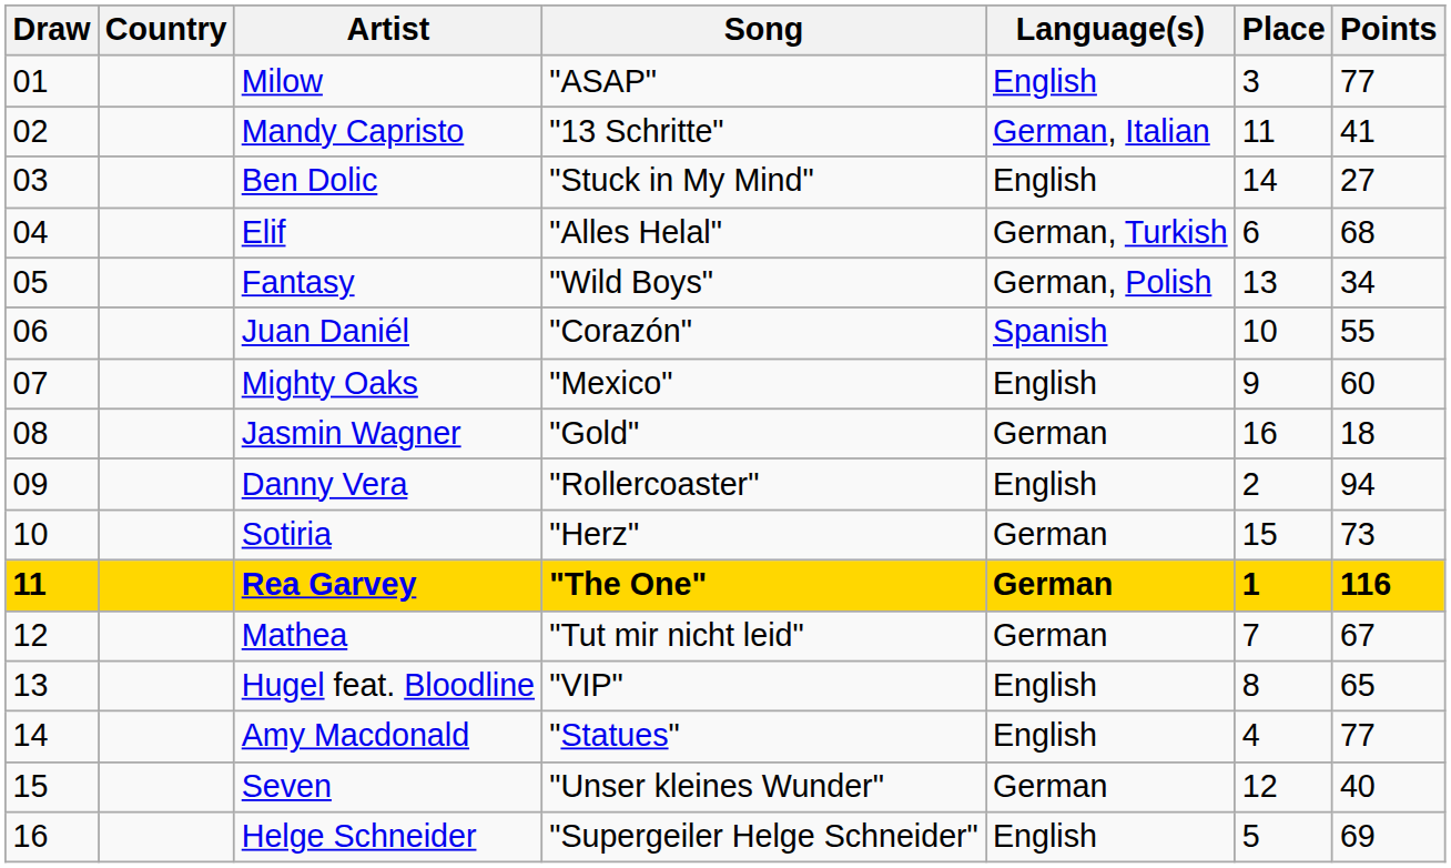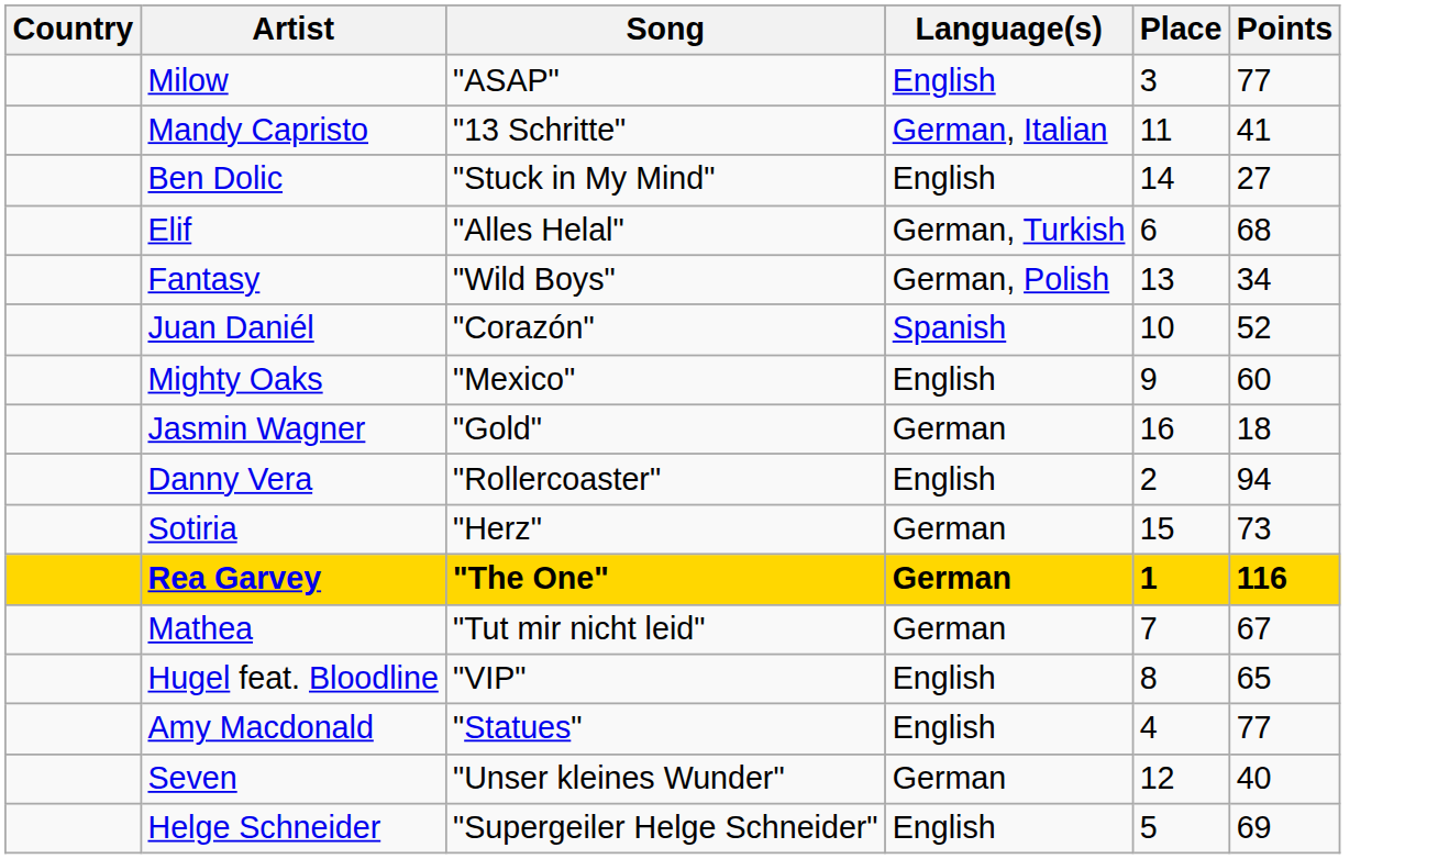 <table class="wikitable sortable">
 <tr>
-<th>Draw</th>
 <th>Country</th>
 <th>Artist</th>
 <th>Song</th>
 <th>Language(s)</th>
 <th>Place</th>
 <th>Points</th>
 </tr>
 <tr>
-<td>01</td>
 <td></td>
 <td><a href='#'>Milow</a></td>
 <td>"ASAP"</td>
 <td><a href='#'>English</a></td>
 <td>3</td>
 <td>77</td>
 </tr>
 <tr>
-<td>02</td>
 <td></td>
 <td><a href='#'>Mandy Capristo</a></td>
 <td>"13 Schritte"</td>
 <td><a href='#'>German</a>, <a href='#'>Italian</a></td>
 <td>11</td>
 <td>41</td>
 </tr>
 <tr style=“font-weight:bold;gold;”>
-<td>03</td>
 <td></td>
 <td><a href='#'>Ben Dolic</a></td>
 <td>"Stuck in My Mind"</td>
 <td>English</td>
 <td>14</td>
 <td>27</td>
 </tr>
 <tr>
-<td>04</td>
 <td></td>
 <td><a href='#'>Elif</a></td>
 <td>"Alles Helal"</td>
 <td>German, <a href='#'>Turkish</a></td>
 <td>6</td>
 <td>68</td>
 </tr>
 <tr>
-<td>05</td>
 <td></td>
 <td><a href='#'>Fantasy</a></td>
 <td>"Wild Boys"</td>
 <td>German, <a href='#'>Polish</a></td>
 <td>13</td>
 <td>34</td>
 </tr>
 <tr>
-<td>06</td>
 <td></td>
 <td><a href='#'>Juan Daniél</a></td>
 <td>"Corazón"</td>
 <td><a href='#'>Spanish</a></td>
 <td>10</td>
-<td>55</td>
+<td>52</td>
 </tr>
 <tr>
-<td>07</td>
 <td></td>
 <td><a href='#'>Mighty Oaks</a></td>
 <td>"Mexico"</td>
 <td>English</td>
 <td>9</td>
 <td>60</td>
 </tr>
 <tr>
-<td>08</td>
 <td></td>
 <td><a href='#'>Jasmin Wagner</a></td>
 <td>"Gold"</td>
 <td>German</td>
 <td>16</td>
 <td>18</td>
 </tr>
 <tr>
-<td>09</td>
 <td></td>
 <td><a href='#'>Danny Vera</a></td>
 <td>"Rollercoaster"</td>
 <td>English</td>
 <td>2</td>
 <td>94</td>
 </tr>
 <tr>
-<td>10</td>
 <td></td>
 <td><a href='#'>Sotiria</a></td>
 <td>"Herz"</td>
 <td>German</td>
 <td>15</td>
 <td>73</td>
 </tr>
 <tr style="font-weight: bold; background: gold;">
-<td>11</td>
 <td></td>
 <td><a href='#'>Rea Garvey</a></td>
 <td>"The One"</td>
 <td>German</td>
 <td>1</td>
 <td>116</td>
 </tr>
 <tr>
-<td>12</td>
 <td></td>
 <td><a href='#'>Mathea</a></td>
 <td>"Tut mir nicht leid"</td>
 <td>German</td>
 <td>7</td>
 <td>67</td>
 </tr>
 <tr>
-<td>13</td>
 <td></td>
 <td><a href='#'>Hugel</a> feat. <a href='#'>Bloodline</a></td>
 <td>"VIP"</td>
 <td>English</td>
 <td>8</td>
 <td>65</td>
 </tr>
 <tr>
-<td>14</td>
 <td></td>
 <td><a href='#'>Amy Macdonald</a></td>
 <td>"<a href='#'>Statues</a>"</td>
 <td>English</td>
 <td>4</td>
 <td>77</td>
 </tr>
 <tr>
-<td>15</td>
 <td></td>
 <td><a href='#'>Seven</a></td>
 <td>"Unser kleines Wunder"</td>
 <td>German</td>
 <td>12</td>
 <td>40</td>
 </tr>
 <tr>
-<td>16</td>
 <td></td>
 <td><a href='#'>Helge Schneider</a></td>
 <td>"Supergeiler Helge Schneider"</td>
 <td>English</td>
 <td>5</td>
 <td>69</td>
 </tr>
 </table>
